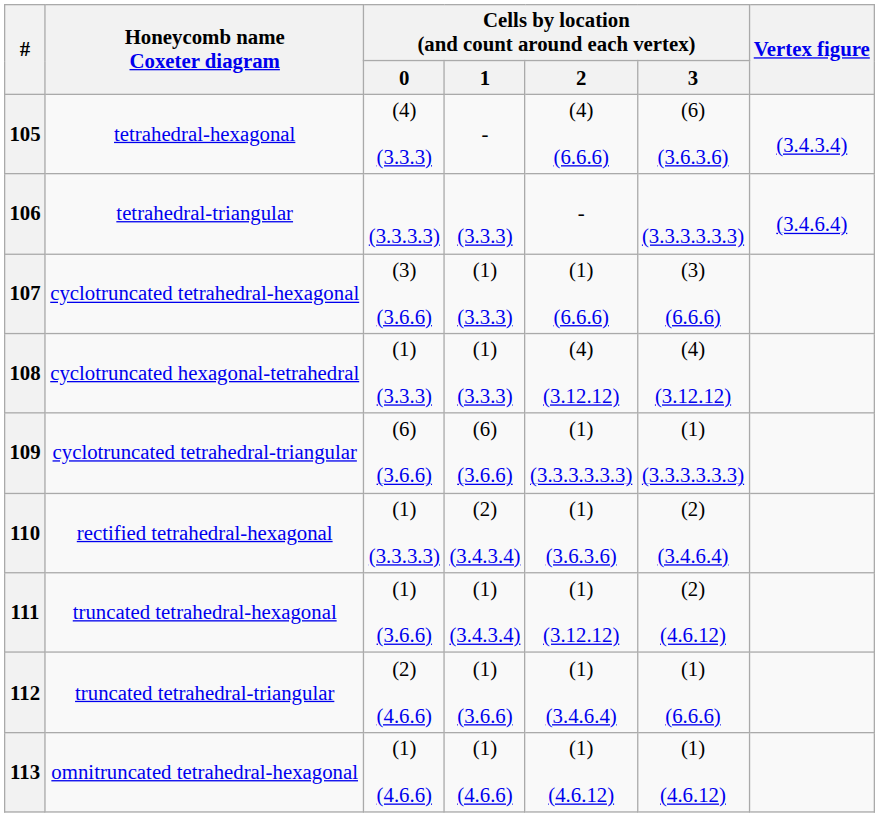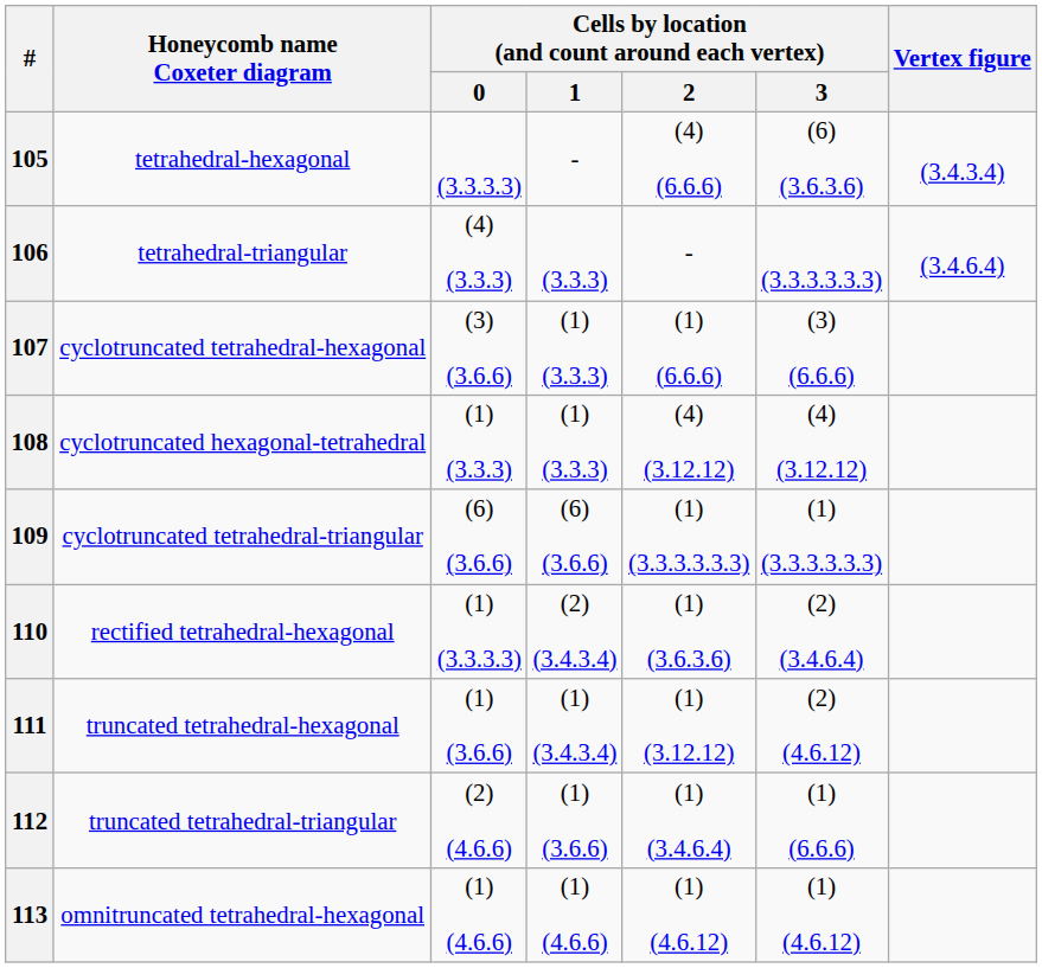 <table class="wikitable">
 <tr>
 <th rowspan=2>#</th>
 <th rowspan=2>Honeycomb name<br><a href='#'>Coxeter diagram</a></th>
 <th colspan=4>Cells by location<br>(and count around each vertex)</th>
 <th rowspan=2><a href='#'>Vertex figure</a></th>
 </tr>
 <tr>
 <th>0<br></th>
 <th>1<br></th>
 <th>2<br></th>
 <th>3<br></th>
 </tr>
 <tr align=center>
 <th>105</th>
 <td><a href='#'>tetrahedral-hexagonal</a><br></td>
-<td>(4)<br><br><a href='#'>(3.3.3)</a></td>
+<td><br><br><a href='#'>(3.3.3.3)</a></td>
 <td>-</td>
 <td>(4)<br><br><a href='#'>(6.6.6)</a></td>
 <td>(6)<br><br><a href='#'>(3.6.3.6)</a></td>
 <td> <br><a href='#'>(3.4.3.4)</a></td>
 </tr>
 <tr align=center>
 <th>106</th>
 <td><a href='#'>tetrahedral-triangular</a><br></td>
-<td><br><br><a href='#'>(3.3.3.3)</a></td>
+<td>(4)<br><br><a href='#'>(3.3.3)</a></td>
 <td><br><br><a href='#'>(3.3.3)</a></td>
 <td>-</td>
 <td><br><br><a href='#'>(3.3.3.3.3.3)</a></td>
 <td> <br><a href='#'>(3.4.6.4)</a></td>
 </tr>
 <tr align=center>
 <th>107</th>
 <td><a href='#'>cyclotruncated tetrahedral-hexagonal</a><br></td>
 <td>(3)<br><br><a href='#'>(3.6.6)</a></td>
 <td>(1)<br><br><a href='#'>(3.3.3)</a></td>
 <td>(1)<br><br><a href='#'>(6.6.6)</a></td>
 <td>(3)<br><br><a href='#'>(6.6.6)</a></td>
 <td></td>
 </tr>
 <tr align=center>
 <th>108</th>
 <td><a href='#'>cyclotruncated hexagonal-tetrahedral</a><br></td>
 <td>(1)<br><br><a href='#'>(3.3.3)</a></td>
 <td>(1)<br><br><a href='#'>(3.3.3)</a></td>
 <td>(4)<br><br><a href='#'>(3.12.12)</a></td>
 <td>(4)<br><br><a href='#'>(3.12.12)</a></td>
 <td></td>
 </tr>
 <tr align=center>
 <th>109</th>
 <td><a href='#'>cyclotruncated tetrahedral-triangular</a><br></td>
 <td>(6)<br><br><a href='#'>(3.6.6)</a></td>
 <td>(6)<br><br><a href='#'>(3.6.6)</a></td>
 <td>(1)<br><br><a href='#'>(3.3.3.3.3.3)</a></td>
 <td>(1)<br><br><a href='#'>(3.3.3.3.3.3)</a></td>
 <td></td>
 </tr>
 <tr align=center>
 <th>110</th>
 <td><a href='#'>rectified tetrahedral-hexagonal</a><br></td>
 <td>(1)<br><br><a href='#'>(3.3.3.3)</a></td>
 <td>(2)<br><br><a href='#'>(3.4.3.4)</a></td>
 <td>(1)<br><br><a href='#'>(3.6.3.6)</a></td>
 <td>(2)<br><br><a href='#'>(3.4.6.4)</a></td>
 <td></td>
 </tr>
 <tr align=center>
 <th>111</th>
 <td><a href='#'>truncated tetrahedral-hexagonal</a><br></td>
 <td>(1)<br><br><a href='#'>(3.6.6)</a></td>
 <td>(1)<br><br><a href='#'>(3.4.3.4)</a></td>
 <td>(1)<br><br><a href='#'>(3.12.12)</a></td>
 <td>(2)<br><br><a href='#'>(4.6.12)</a></td>
 <td></td>
 </tr>
 <tr align=center>
 <th>112</th>
 <td><a href='#'>truncated tetrahedral-triangular</a><br></td>
 <td>(2)<br><br><a href='#'>(4.6.6)</a></td>
 <td>(1)<br><br><a href='#'>(3.6.6)</a></td>
 <td>(1)<br><br><a href='#'>(3.4.6.4)</a></td>
 <td>(1)<br><br><a href='#'>(6.6.6)</a></td>
 <td></td>
 </tr>
 <tr align=center>
 <th>113</th>
 <td><a href='#'>omnitruncated tetrahedral-hexagonal</a><br></td>
 <td>(1)<br><br><a href='#'>(4.6.6)</a></td>
 <td>(1)<br><br><a href='#'>(4.6.6)</a></td>
 <td>(1)<br><br><a href='#'>(4.6.12)</a></td>
 <td>(1)<br><br><a href='#'>(4.6.12)</a></td>
 <td></td>
 </tr>
 </table>
